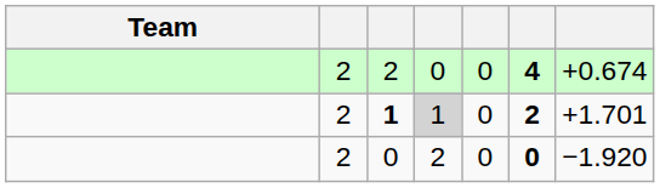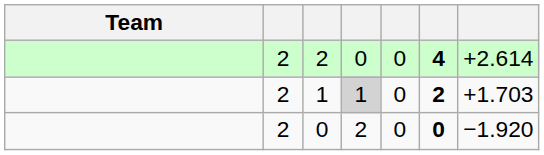 <table class="wikitable" style="text-align:center;">
 <tr>
 <th width=175>Team</th>
 <th style="width:20px;"></th>
 <th style="width:20px;"></th>
 <th style="width:20px;"></th>
 <th style="width:20px;"></th>
 <th style="width:20px;"></th>
 <th style="width:20px;"></th>
 </tr>
 <tr style="background:#cfc;">
 <td align=left></td>
 <td>2</td>
 <td>2</td>
 <td>0</td>
 <td>0</td>
 <td><strong>4</strong></td>
-<td>+0.674</td>
+<td>+2.614</td>
 </tr>
 <tr>
 <td align=left></td>
 <td>2</td>
-<td><strong>1</strong></td>
+<td>1</td>
 <td style="background: lightgrey;">1</td>
 <td>0</td>
 <td><strong>2</strong></td>
-<td>+1.701</td>
+<td>+1.703</td>
 </tr>
 <tr>
 <td align=left></td>
 <td>2</td>
 <td>0</td>
 <td>2</td>
 <td>0</td>
 <td><strong>0</strong></td>
 <td>−1.920</td>
 </tr>
 </table>
